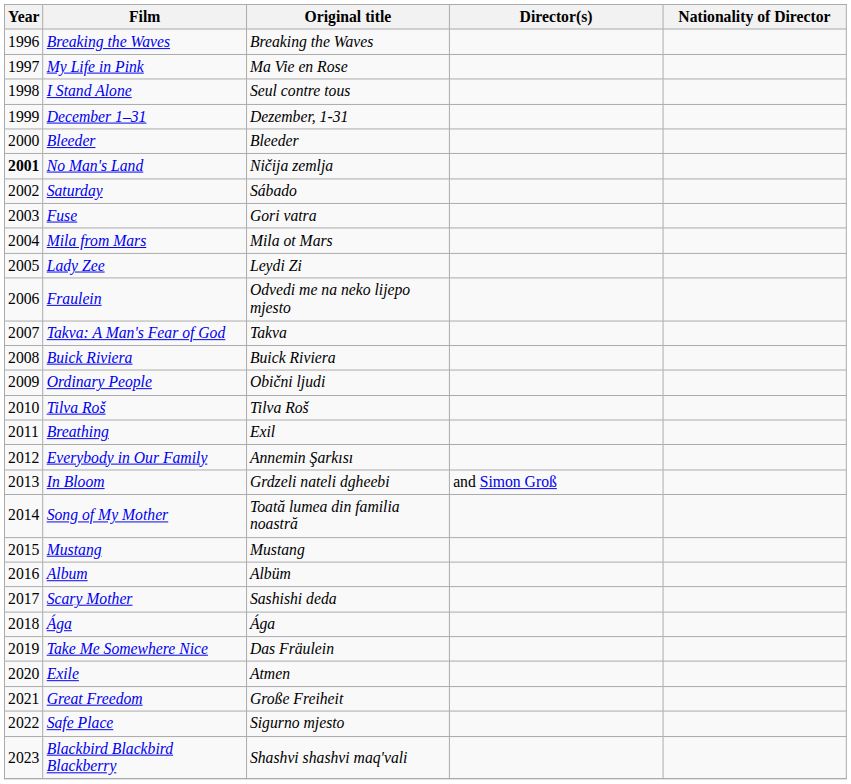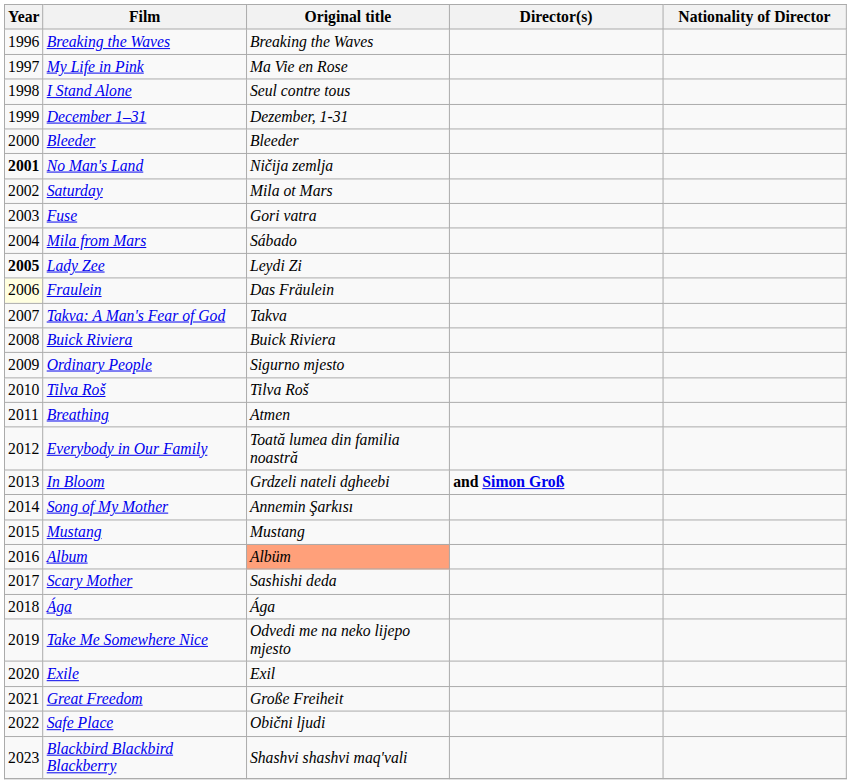 <table class="wikitable sortable">
 <tr>
 <th style="width:30px;">Year</th>
 <th style="width:200px;">Film</th>
 <th style="width:200px;">Original title</th>
 <th style="width:210px;">Director(s)</th>
 <th style="width:180px;">Nationality of Director</th>
 </tr>
 <tr>
 <td>1996</td>
 <td><em><a href='#'>Breaking the Waves</a></em></td>
 <td><em>Breaking the Waves</em></td>
 <td></td>
 <td></td>
 </tr>
 <tr>
 <td>1997</td>
 <td><em><a href='#'>My Life in Pink</a></em></td>
 <td><em>Ma Vie en Rose</em></td>
 <td></td>
 <td></td>
 </tr>
 <tr>
 <td>1998</td>
 <td><em><a href='#'>I Stand Alone</a></em></td>
 <td><em>Seul contre tous</em></td>
 <td></td>
 <td></td>
 </tr>
 <tr>
 <td>1999</td>
 <td><em><a href='#'>December 1–31</a></em></td>
 <td><em>Dezember, 1-31</em></td>
 <td></td>
 <td></td>
 </tr>
 <tr>
 <td>2000</td>
 <td><em><a href='#'>Bleeder</a></em></td>
 <td><em>Bleeder</em></td>
 <td></td>
 <td></td>
 </tr>
 <tr>
 <td><strong>2001</strong></td>
 <td><em><a href='#'>No Man's Land</a></em></td>
 <td><em>Ničija zemlja</em></td>
 <td></td>
 <td></td>
 </tr>
 <tr>
 <td>2002</td>
 <td><em><a href='#'>Saturday</a></em></td>
-<td><em>Sábado</em></td>
+<td><em>Mila ot Mars</em></td>
 <td></td>
 <td></td>
 </tr>
 <tr>
 <td>2003</td>
 <td><em><a href='#'>Fuse</a></em></td>
 <td><em>Gori vatra</em></td>
 <td></td>
 <td></td>
 </tr>
 <tr>
 <td>2004</td>
 <td><em><a href='#'>Mila from Mars</a></em></td>
-<td><em>Mila ot Mars</em></td>
+<td><em>Sábado</em></td>
 <td></td>
 <td></td>
 </tr>
 <tr>
-<td>2005</td>
+<td><strong>2005</strong></td>
 <td><em><a href='#'>Lady Zee</a></em></td>
 <td><em>Leydi Zi</em></td>
 <td></td>
 <td></td>
 </tr>
 <tr>
-<td>2006</td>
+<td style="background: lightyellow;">2006</td>
 <td><em><a href='#'>Fraulein</a></em></td>
-<td><em>Odvedi me na neko lijepo mjesto</em></td>
+<td><em>Das Fräulein</em></td>
 <td></td>
 <td></td>
 </tr>
 <tr>
 <td>2007</td>
 <td><em><a href='#'>Takva: A Man's Fear of God</a></em></td>
 <td><em>Takva</em></td>
 <td></td>
 <td></td>
 </tr>
 <tr>
 <td>2008</td>
 <td><em><a href='#'>Buick Riviera</a></em></td>
 <td><em>Buick Riviera</em></td>
 <td></td>
 <td></td>
 </tr>
 <tr>
 <td>2009</td>
 <td><em><a href='#'>Ordinary People</a></em></td>
-<td><em>Obični ljudi</em></td>
+<td><em>Sigurno mjesto</em></td>
 <td></td>
 <td></td>
 </tr>
 <tr>
 <td>2010</td>
 <td><em><a href='#'>Tilva Roš</a></em></td>
 <td><em>Tilva Roš</em></td>
 <td></td>
 <td></td>
 </tr>
 <tr>
 <td>2011</td>
 <td><em><a href='#'>Breathing</a></em></td>
-<td><em>Exil</em></td>
+<td><em>Atmen</em></td>
 <td></td>
 <td></td>
 </tr>
 <tr>
 <td>2012</td>
 <td><em><a href='#'>Everybody in Our Family</a></em></td>
-<td><em>Annemin Şarkısı</em></td>
+<td><em>Toată lumea din familia noastră</em></td>
 <td></td>
 <td></td>
 </tr>
 <tr>
 <td>2013</td>
 <td><em><a href='#'>In Bloom</a></em></td>
 <td><em>Grdzeli nateli dgheebi</em></td>
-<td> and <a href='#'>Simon Groß</a></td>
+<td><strong> and <a href='#'>Simon Groß</a></strong></td>
 <td></td>
 </tr>
 <tr>
 <td>2014</td>
 <td><em><a href='#'>Song of My Mother</a></em></td>
-<td><em>Toată lumea din familia noastră</em></td>
+<td><em>Annemin Şarkısı</em></td>
 <td></td>
 <td></td>
 </tr>
 <tr>
 <td>2015</td>
 <td><em><a href='#'>Mustang</a></em></td>
 <td><em>Mustang</em></td>
 <td></td>
 <td></td>
 </tr>
 <tr>
 <td>2016</td>
 <td><em><a href='#'>Album</a></em></td>
-<td><em>Albüm</em></td>
+<td style="background: lightsalmon;"><em>Albüm</em></td>
 <td></td>
 <td></td>
 </tr>
 <tr>
 <td>2017</td>
 <td><em><a href='#'>Scary Mother</a></em></td>
 <td><em>Sashishi deda</em></td>
 <td></td>
 <td></td>
 </tr>
 <tr>
 <td>2018</td>
 <td><em><a href='#'>Ága</a></em></td>
 <td><em>Ága</em></td>
 <td></td>
 <td></td>
 </tr>
 <tr>
 <td>2019</td>
 <td><em><a href='#'>Take Me Somewhere Nice</a></em></td>
-<td><em>Das Fräulein</em></td>
+<td><em>Odvedi me na neko lijepo mjesto</em></td>
 <td></td>
 <td></td>
 </tr>
 <tr>
 <td>2020</td>
 <td><em><a href='#'>Exile</a></em></td>
-<td><em>Atmen</em></td>
+<td><em>Exil</em></td>
 <td></td>
 <td></td>
 </tr>
 <tr>
 <td>2021</td>
 <td><em><a href='#'>Great Freedom</a></em></td>
 <td><em>Große Freiheit</em></td>
 <td></td>
 <td></td>
 </tr>
 <tr>
 <td>2022</td>
 <td><em><a href='#'>Safe Place</a></em></td>
-<td><em>Sigurno mjesto</em></td>
+<td><em>Obični ljudi</em></td>
 <td></td>
 <td></td>
 </tr>
 <tr>
 <td>2023</td>
 <td><em><a href='#'>Blackbird Blackbird Blackberry</a></em></td>
 <td><em>Shashvi shashvi maq'vali</em></td>
 <td></td>
 <td></td>
 </tr>
 <tr>
 </tr>
 </table>
